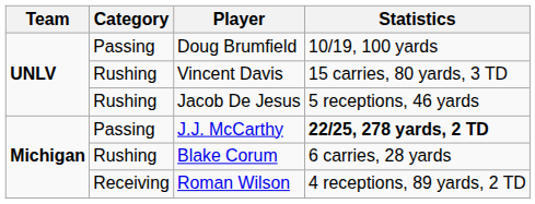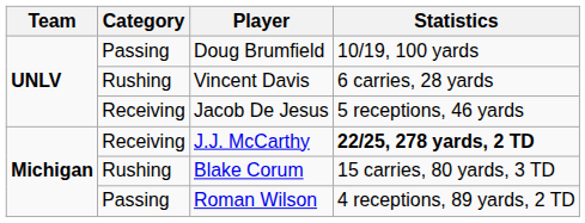 <table class="wikitable" style="float: right;">
 <tr>
 <th>Team</th>
 <th>Category</th>
 <th>Player</th>
 <th>Statistics</th>
 </tr>
 <tr>
 <td rowspan=3><strong>UNLV</strong></td>
 <td>Passing</td>
 <td>Doug Brumfield</td>
 <td>10/19, 100 yards</td>
 </tr>
 <tr>
 <td>Rushing</td>
 <td>Vincent Davis</td>
-<td>15 carries, 80 yards, 3 TD</td>
+<td>6 carries, 28 yards</td>
 </tr>
 <tr>
-<td>Rushing</td>
+<td>Receiving</td>
 <td>Jacob De Jesus</td>
 <td>5 receptions, 46 yards</td>
 </tr>
 <tr>
 <td rowspan=3><strong>Michigan</strong></td>
-<td>Passing</td>
+<td>Receiving</td>
 <td><a href='#'>J.J. McCarthy</a></td>
 <td><strong>22/25, 278 yards, 2 TD</strong></td>
 </tr>
 <tr>
 <td>Rushing</td>
 <td><a href='#'>Blake Corum</a></td>
-<td>6 carries, 28 yards</td>
+<td>15 carries, 80 yards, 3 TD</td>
 </tr>
 <tr>
-<td>Receiving</td>
+<td>Passing</td>
 <td><a href='#'>Roman Wilson</a></td>
 <td>4 receptions, 89 yards, 2 TD</td>
 </tr>
 </table>
